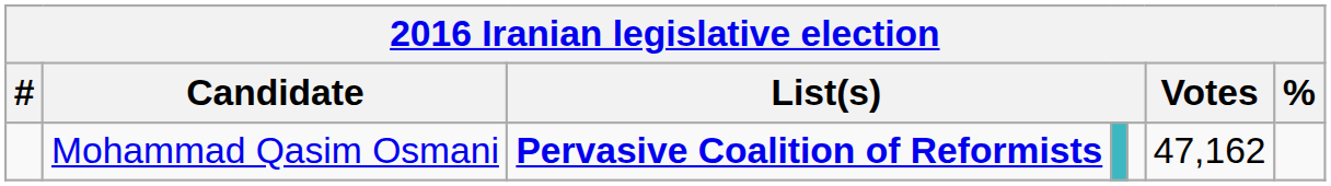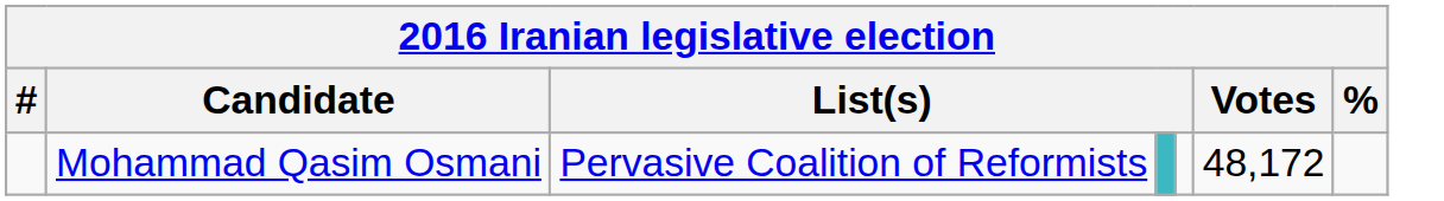 <table class=wikitable style=text-align:left>
 <tr>
 <th colspan="7" align=center><a href='#'>2016 Iranian legislative election</a></th>
 </tr>
 <tr>
 <th>#</th>
 <th>Candidate</th>
 <th colspan="3">List(s)</th>
 <th>Votes</th>
 <th>%</th>
 </tr>
 <tr>
 <td></td>
 <td><a href='#'>Mohammad Qasim Osmani</a></td>
-<td><strong><a href='#'>Pervasive Coalition of Reformists</a></strong></td>
+<td><a href='#'>Pervasive Coalition of Reformists</a></td>
 <td style="background:#3cb8c2"></td>
 <td></td>
-<td>47,162</td>
+<td>48,172</td>
 <td></td>
 </tr>
 </table>
